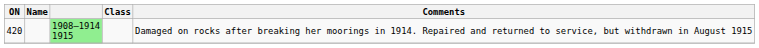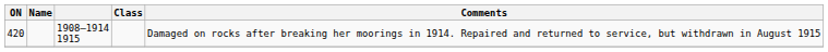 <table class="wikitable">
 <tr>
 <th>ON</th>
 <th>Name</th>
 <th></th>
 <th>Class</th>
 <th>Comments</th>
 </tr>
 <tr>
 <td>420</td>
 <td></td>
-<td style="background: lightgreen;">1908–1914<br>1915</td>
+<td>1908–1914<br>1915</td>
 <td></td>
 <td>Damaged on rocks after breaking her moorings in 1914. Repaired and returned to service, but withdrawn in August 1915</td>
 </tr>
 <tr>
 </tr>
 </table>
